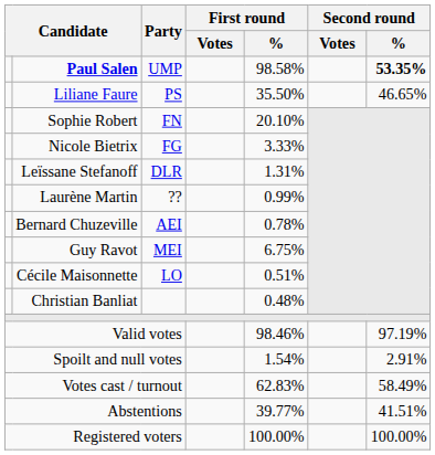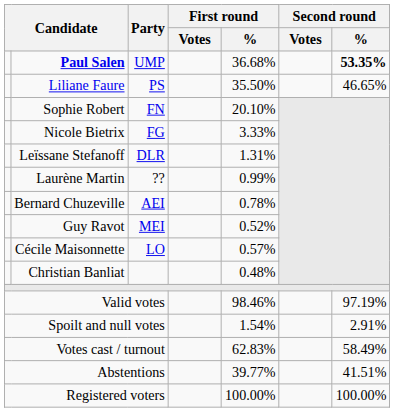 <table class="wikitable" style="text-align:right;font-size:95%;">
 <tr>
 <th rowspan=2 colspan=2>Candidate</th>
 <th rowspan=2 colspan=1>Party</th>
 <th colspan=2>First round</th>
 <th colspan=2>Second round</th>
 </tr>
 <tr>
 <th style="width:50px;">Votes</th>
 <th style="width:55px;">%</th>
 <th style="width:50px;">Votes</th>
 <th style="width:55px;">%</th>
 </tr>
 <tr>
 <td style="color:inherit;background-color:"></td>
 <td><strong><a href='#'>Paul Salen</a></strong></td>
 <td><a href='#'>UMP</a></td>
 <td></td>
-<td>98.58%</td>
+<td>36.68%</td>
 <td><strong></strong></td>
 <td><strong>53.35%</strong></td>
 </tr>
 <tr>
 <td style="color:inherit;background-color:"></td>
 <td><a href='#'>Liliane Faure</a></td>
 <td><a href='#'>PS</a></td>
 <td></td>
 <td>35.50%</td>
 <td></td>
 <td>46.65%</td>
 </tr>
 <tr>
 <td style="color:inherit;background-color:"></td>
 <td>Sophie Robert</td>
 <td><a href='#'>FN</a></td>
 <td></td>
 <td>20.10%</td>
 <td colspan=7 rowspan=8 style="background-color:#E9E9E9;"></td>
 </tr>
 <tr>
 <td style="color:inherit;background-color:"></td>
 <td>Nicole Bietrix</td>
 <td><a href='#'>FG</a></td>
 <td></td>
 <td>3.33%</td>
 </tr>
 <tr>
 <td style="color:inherit;background-color:"></td>
 <td>Leïssane Stefanoff</td>
 <td><a href='#'>DLR</a></td>
 <td></td>
 <td>1.31%</td>
 </tr>
 <tr>
 <td style="background-color:;"></td>
 <td>Laurène Martin</td>
 <td>??</td>
 <td></td>
 <td>0.99%</td>
 </tr>
 <tr>
 <td style="color:inherit;background-color:"></td>
 <td>Bernard Chuzeville</td>
 <td><a href='#'>AEI</a></td>
 <td></td>
 <td>0.78%</td>
 </tr>
 <tr>
 <td style="color:inherit;background-color:"></td>
 <td>Guy Ravot</td>
 <td><a href='#'>MEI</a></td>
 <td></td>
-<td>6.75%</td>
+<td>0.52%</td>
 </tr>
 <tr>
 <td style="color:inherit;background-color:"></td>
 <td>Cécile Maisonnette</td>
 <td><a href='#'>LO</a></td>
 <td></td>
-<td>0.51%</td>
+<td>0.57%</td>
 </tr>
 <tr>
 <td style="background-color:;"></td>
 <td>Christian Banliat</td>
 <td></td>
 <td></td>
 <td>0.48%</td>
 </tr>
 <tr>
 <td colspan=7 style="background-color:#E9E9E9;"></td>
 </tr>
 <tr>
 <td colspan=3>Valid votes</td>
 <td></td>
 <td>98.46%</td>
 <td></td>
 <td>97.19%</td>
 </tr>
 <tr>
 <td colspan=3>Spoilt and null votes</td>
 <td></td>
 <td>1.54%</td>
 <td></td>
 <td>2.91%</td>
 </tr>
 <tr>
 <td colspan=3>Votes cast / turnout</td>
 <td></td>
 <td>62.83%</td>
 <td></td>
 <td>58.49%</td>
 </tr>
 <tr>
 <td colspan=3>Abstentions</td>
 <td></td>
 <td>39.77%</td>
 <td></td>
 <td>41.51%</td>
 </tr>
 <tr>
 <td colspan=3>Registered voters</td>
 <td></td>
 <td>100.00%</td>
 <td></td>
 <td>100.00%</td>
 </tr>
 </table>
